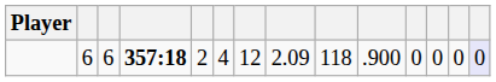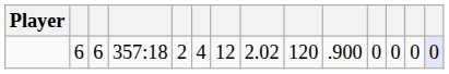 <table class="wikitable sortable" style="text-align:center;">
 <tr>
 <th>Player</th>
 <th></th>
 <th></th>
 <th></th>
 <th></th>
 <th></th>
 <th></th>
 <th></th>
 <th></th>
 <th></th>
 <th></th>
 <th></th>
 <th></th>
 <th></th>
 </tr>
 <tr>
 <td></td>
 <td>6</td>
 <td>6</td>
-<td><strong>357:18</strong></td>
+<td>357:18</td>
 <td>2</td>
 <td>4</td>
 <td>12</td>
-<td>2.09</td>
-<td>118</td>
+<td>2.02</td>
+<td>120</td>
 <td>.900</td>
 <td>0</td>
 <td>0</td>
 <td>0</td>
 <td style="background: lavender;">0</td>
 </tr>
 </table>
